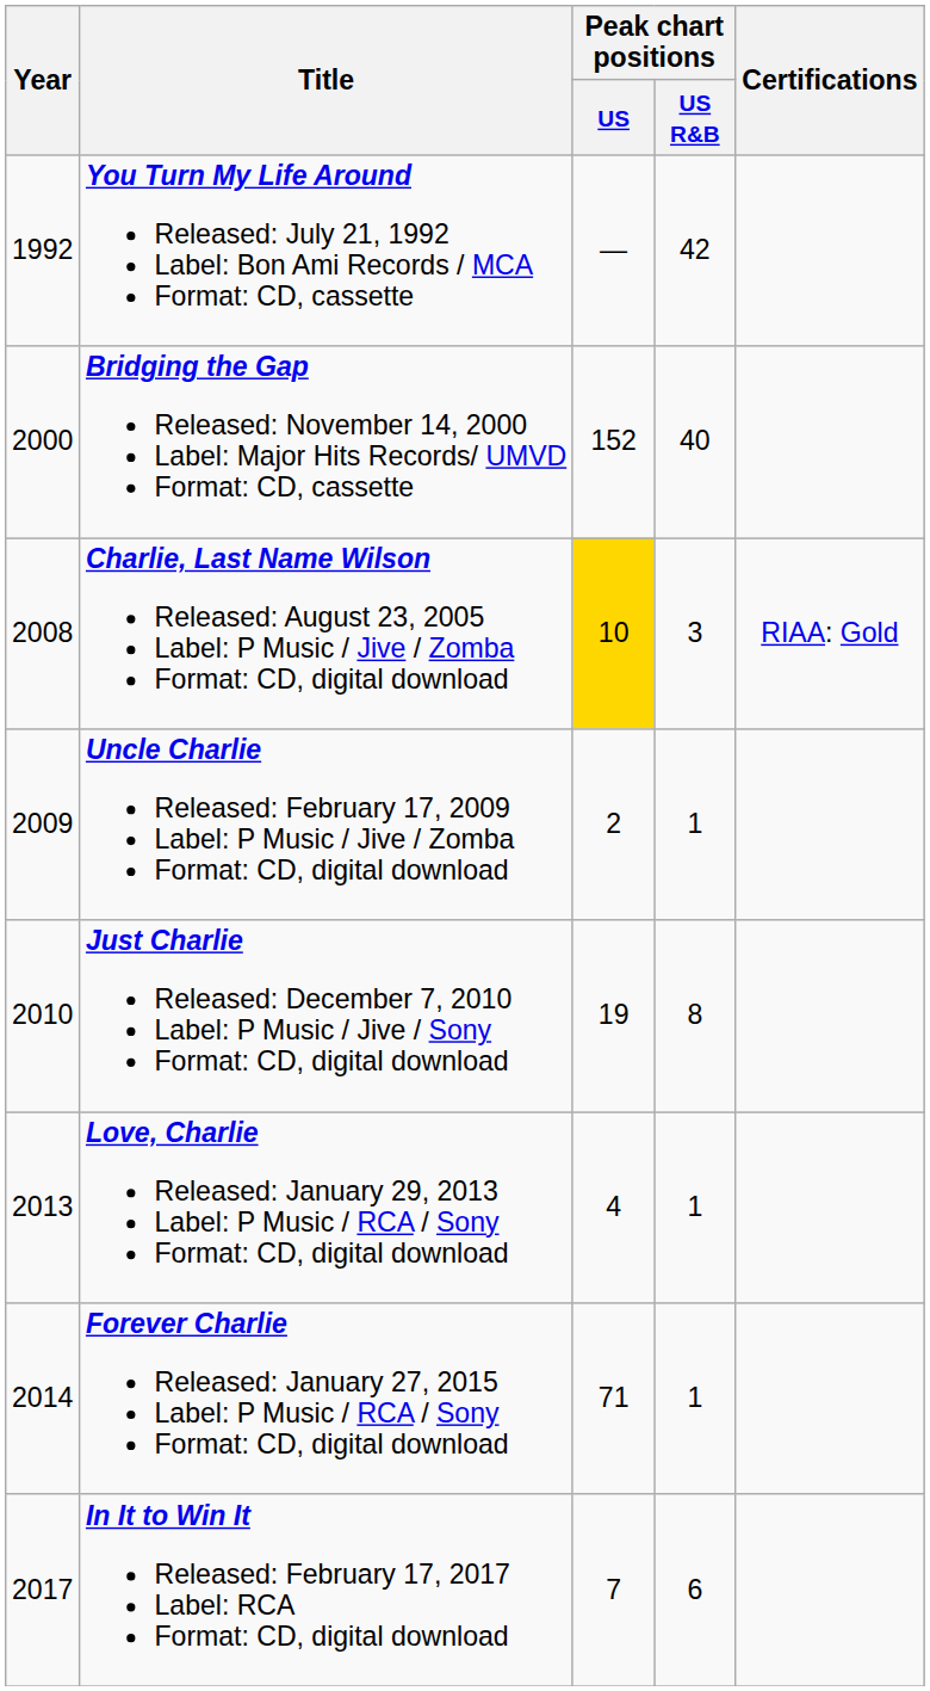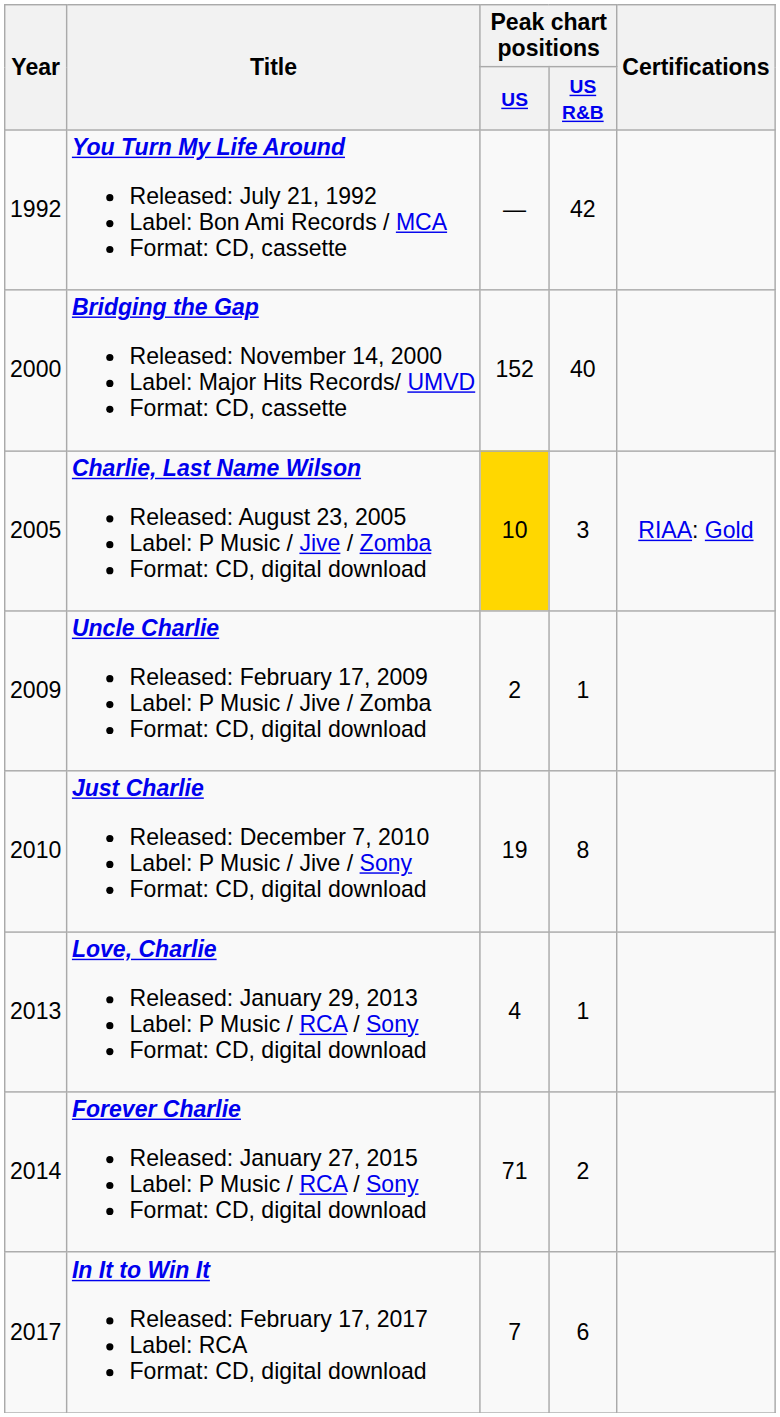 <table class="wikitable">
 <tr>
 <th style="text-align:center;" rowspan="2">Year</th>
 <th style="text-align:center;" rowspan="2">Title</th>
 <th style="text-align:center;" colspan="2">Peak chart positions</th>
 <th style="text-align:center;" rowspan="2">Certifications</th>
 </tr>
 <tr>
 <th style="width:40px; text-align:center;"><small><a href='#'>US</a></small><br></th>
 <th style="width:40px; text-align:center;"><small><a href='#'>US R&B</a></small><br></th>
 </tr>
 <tr>
 <td style="text-align:center;">1992</td>
 <td style="text-align:left"><strong><em><a href='#'>You Turn My Life Around</a></em></strong><br><ul><li>Released: July 21, 1992</li><li>Label: Bon Ami Records / <a href='#'>MCA</a></li><li>Format: CD, cassette</li></ul></td>
 <td style="text-align:center;">—</td>
 <td style="text-align:center;">42</td>
 <td style="text-align:center;"></td>
 </tr>
 <tr>
 <td>2000</td>
 <td style="text-align:left"><strong><em><a href='#'>Bridging the Gap</a></em></strong><br><ul><li>Released: November 14, 2000</li><li>Label: Major Hits Records/ <a href='#'>UMVD</a></li><li>Format: CD, cassette</li></ul></td>
 <td style="text-align:center;">152</td>
 <td style="text-align:center;">40</td>
 <td style="text-align:center;"></td>
 </tr>
 <tr>
-<td>2008</td>
+<td>2005</td>
 <td style="text-align:left"><strong><em><a href='#'>Charlie, Last Name Wilson</a></em></strong><br><ul><li>Released: August 23, 2005</li><li>Label: P Music / <a href='#'>Jive</a> / <a href='#'>Zomba</a></li><li>Format: CD, digital download</li></ul></td>
 <td style="background: gold; text-align:center;">10</td>
 <td style="text-align:center;">3</td>
 <td style="text-align:center;"><a href='#'>RIAA</a>: <a href='#'>Gold</a></td>
 </tr>
 <tr>
 <td>2009</td>
 <td style="text-align:left"><strong><em><a href='#'>Uncle Charlie</a></em></strong><br><ul><li>Released: February 17, 2009</li><li>Label: P Music / Jive / Zomba</li><li>Format: CD, digital download</li></ul></td>
 <td style="text-align:center;">2</td>
 <td style="text-align:center;">1</td>
 <td style="text-align:center;"></td>
 </tr>
 <tr>
 <td>2010</td>
 <td style="text-align:left"><strong><em><a href='#'>Just Charlie</a></em></strong><br><ul><li>Released: December 7, 2010</li><li>Label: P Music / Jive / <a href='#'>Sony</a></li><li>Format: CD, digital download</li></ul></td>
 <td style="text-align:center;">19</td>
 <td style="text-align:center;">8</td>
 <td style="text-align:center;"></td>
 </tr>
 <tr>
 <td>2013</td>
 <td style="text-align:left"><strong><em><a href='#'>Love, Charlie</a></em></strong><br><ul><li>Released: January 29, 2013</li><li>Label: P Music / <a href='#'>RCA</a> / <a href='#'>Sony</a></li><li>Format: CD, digital download</li></ul></td>
 <td style="text-align:center;">4</td>
 <td style="text-align:center;">1</td>
 <td style="text-align:center;"></td>
 </tr>
 <tr>
 <td>2014</td>
 <td style="text-align:left"><strong><em><a href='#'>Forever Charlie</a></em></strong><br><ul><li>Released: January 27, 2015</li><li>Label: P Music / <a href='#'>RCA</a> / <a href='#'>Sony</a></li><li>Format: CD, digital download</li></ul></td>
 <td style="text-align:center;">71</td>
-<td style="text-align:center;">1</td>
+<td style="text-align:center;">2</td>
 <td style="text-align:center;"></td>
 </tr>
 <tr>
 <td>2017</td>
 <td style="text-align:left"><strong><em><a href='#'>In It to Win It</a></em></strong><br><ul><li>Released: February 17, 2017</li><li>Label: RCA</li><li>Format: CD, digital download</li></ul></td>
 <td style="text-align:center;">7</td>
 <td style="text-align:center;">6</td>
 <td style="text-align:center;"></td>
 </tr>
 </table>
